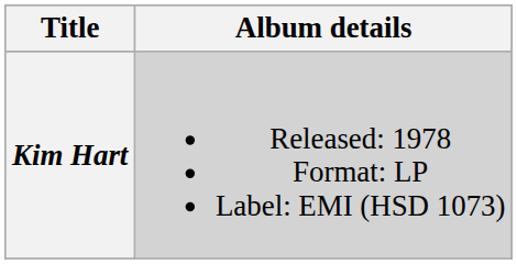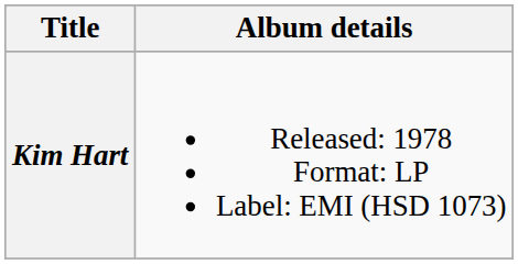 <table class="wikitable plainrowheaders" style="text-align:center;" border="1">
 <tr>
 <th>Title</th>
 <th>Album details</th>
 </tr>
 <tr>
 <th scope="row"><em>Kim Hart</em></th>
-<td style="background: lightgrey;"><br><ul><li>Released: 1978</li><li>Format: LP</li><li>Label: EMI (HSD 1073)</li></ul></td>
+<td><br><ul><li>Released: 1978</li><li>Format: LP</li><li>Label: EMI (HSD 1073)</li></ul></td>
 </tr>
 </table>
